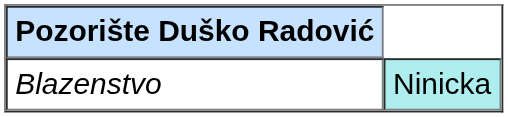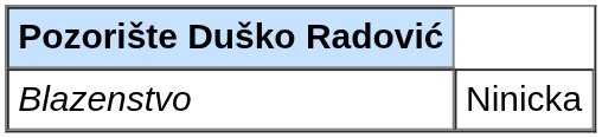 <table border="1" cellpadding="4" cellspacing="0">
 <tr bgcolor="#C6E2FF">
 <th><strong>Pozorište Duško Radović</strong></th>
 </tr>
 <tr>
 <td><em>Blazenstvo</em></td>
-<td style="background: paleturquoise;">Ninicka</td>
+<td>Ninicka</td>
 </tr>
 </table>
